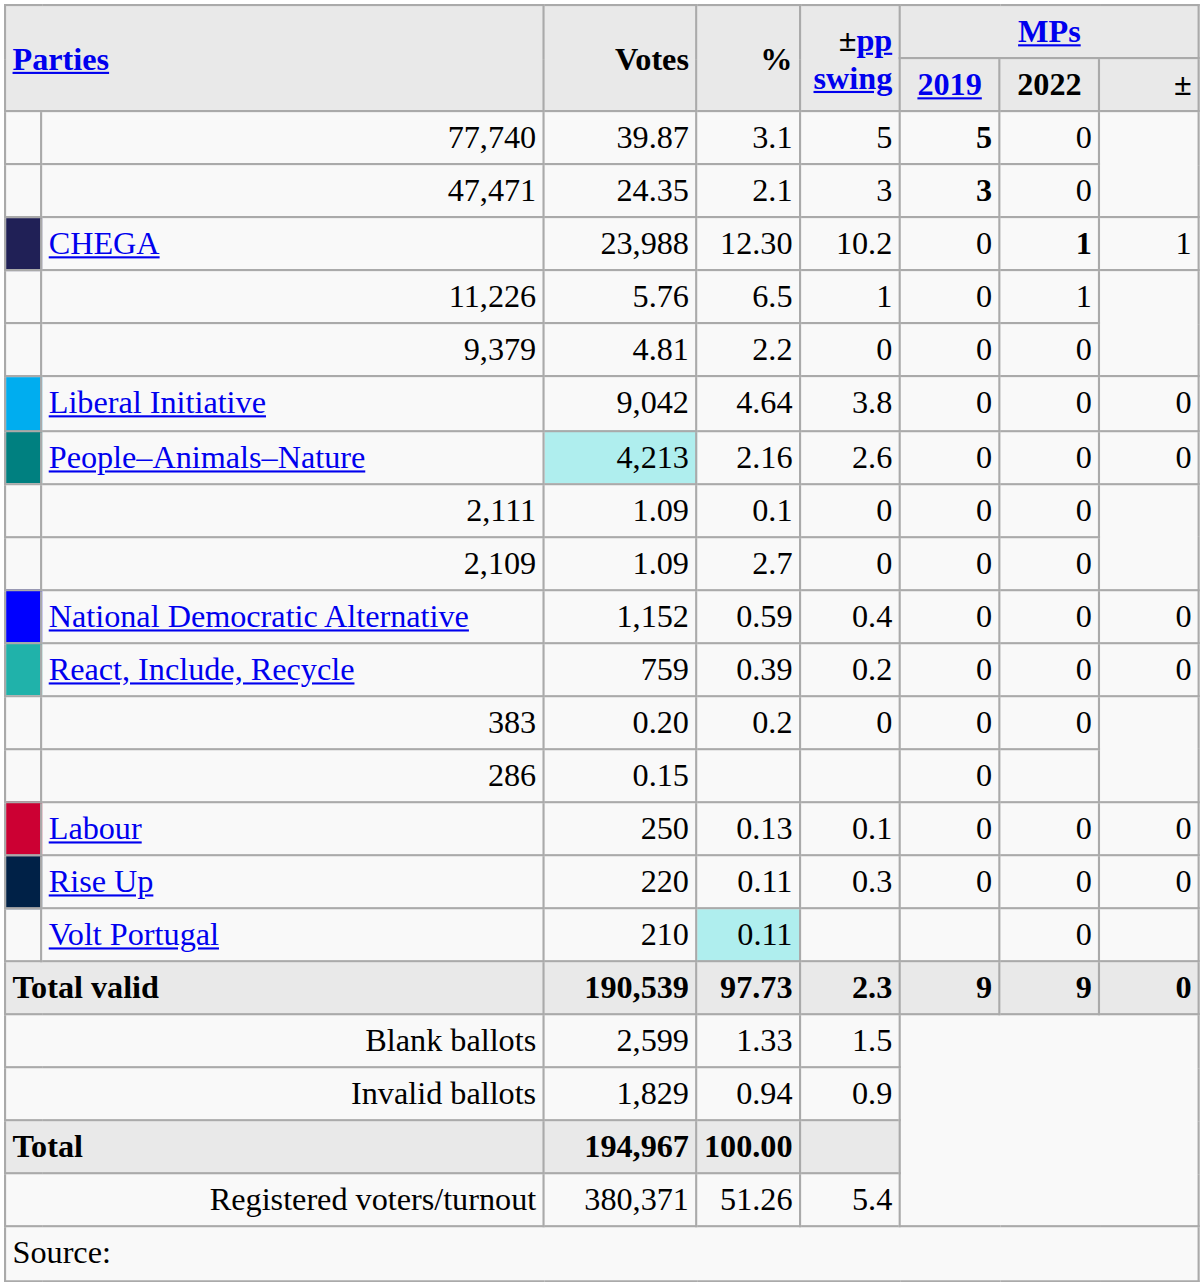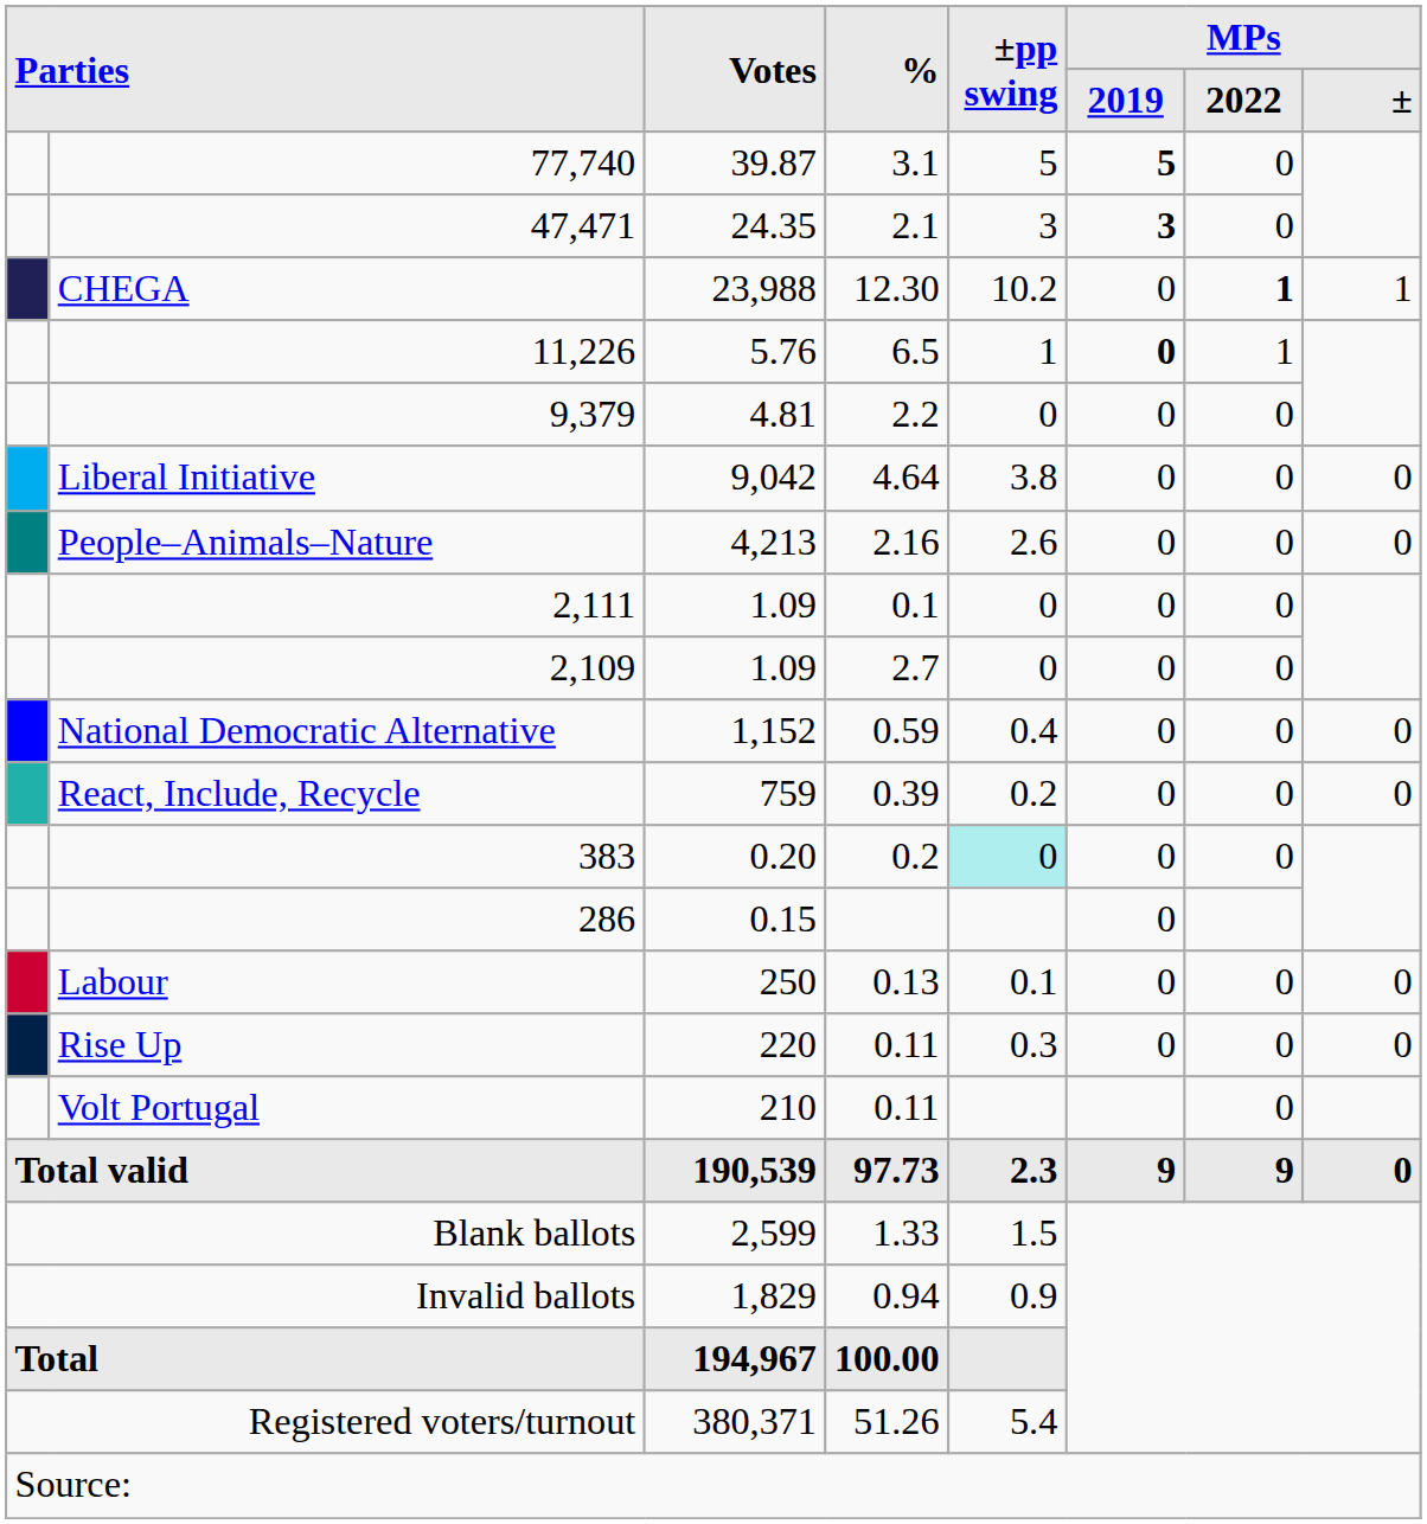 <table class="wikitable" style="text-align:right; font-size:95%;">
 <tr>
 <th rowspan="2" colspan="2" style="background:#e9e9e9; text-align:left;" alignleft><a href='#'>Parties</a></th>
 <th rowspan="2" style="background:#e9e9e9; text-align:right;">Votes</th>
 <th rowspan="2" style="background:#e9e9e9; text-align:right;">%</th>
 <th rowspan="2" style="background:#e9e9e9; text-align:right;">±<a href='#'>pp</a> <a href='#'>swing</a></th>
 <th colspan="3" style="background:#e9e9e9; text-align:center;"><a href='#'>MPs</a></th>
 </tr>
 <tr style="background-color:#E9E9E9">
 <th style="background-color:#E9E9E9;text-align:center;"><a href='#'>2019</a></th>
 <th style="background-color:#E9E9E9;text-align:center;">2022</th>
 <th style="background:#e9e9e9; text-align:right;">±</th>
 </tr>
 <tr>
 <td></td>
 <td>77,740</td>
 <td>39.87</td>
 <td>3.1</td>
 <td>5</td>
 <td><strong>5</strong></td>
 <td>0</td>
 </tr>
 <tr>
 <td></td>
 <td>47,471</td>
 <td>24.35</td>
 <td>2.1</td>
 <td>3</td>
 <td><strong>3</strong></td>
 <td>0</td>
 </tr>
 <tr>
 <td style="width: 10px" bgcolor="#202056" align="center"></td>
 <td align="left"><a href='#'>CHEGA</a></td>
 <td>23,988</td>
 <td>12.30</td>
 <td>10.2</td>
 <td>0</td>
 <td><strong>1</strong></td>
 <td>1</td>
 </tr>
 <tr>
 <td></td>
 <td>11,226</td>
 <td>5.76</td>
 <td>6.5</td>
 <td>1</td>
-<td>0</td>
+<td><strong>0</strong></td>
 <td>1</td>
 </tr>
 <tr>
 <td></td>
 <td>9,379</td>
 <td>4.81</td>
 <td>2.2</td>
 <td>0</td>
 <td>0</td>
 <td>0</td>
 </tr>
 <tr>
 <td style="width: 10px" bgcolor="#00ADEF" align="center"></td>
 <td align="left"><a href='#'>Liberal Initiative</a></td>
 <td>9,042</td>
 <td>4.64</td>
 <td>3.8</td>
 <td>0</td>
 <td>0</td>
 <td>0</td>
 </tr>
 <tr>
 <td style="width: 10px" bgcolor="teal" align="center"></td>
 <td align="left"><a href='#'>People–Animals–Nature</a></td>
-<td style="background: paleturquoise;">4,213</td>
+<td>4,213</td>
 <td>2.16</td>
 <td>2.6</td>
 <td>0</td>
 <td>0</td>
 <td>0</td>
 </tr>
 <tr>
 <td></td>
 <td>2,111</td>
 <td>1.09</td>
 <td>0.1</td>
 <td>0</td>
 <td>0</td>
 <td>0</td>
 </tr>
 <tr>
 <td></td>
 <td>2,109</td>
 <td>1.09</td>
 <td>2.7</td>
 <td>0</td>
 <td>0</td>
 <td>0</td>
 </tr>
 <tr>
 <td style="width: 10px" bgcolor="blue" align="center"></td>
 <td align="left"><a href='#'>National Democratic Alternative</a></td>
 <td>1,152</td>
 <td>0.59</td>
 <td>0.4</td>
 <td>0</td>
 <td>0</td>
 <td>0</td>
 </tr>
 <tr>
 <td style="width: 10px" bgcolor="LightSeaGreen" align="center"></td>
 <td align="left"><a href='#'>React, Include, Recycle</a></td>
 <td>759</td>
 <td>0.39</td>
 <td>0.2</td>
 <td>0</td>
 <td>0</td>
 <td>0</td>
 </tr>
 <tr>
 <td></td>
 <td>383</td>
 <td>0.20</td>
 <td>0.2</td>
-<td>0</td>
+<td style="background: paleturquoise;">0</td>
 <td>0</td>
 <td>0</td>
 </tr>
 <tr>
 <td></td>
 <td>286</td>
 <td>0.15</td>
 <td></td>
 <td></td>
 <td>0</td>
 <td></td>
 </tr>
 <tr>
 <td style="width: 10px" bgcolor="#CC0033" align="center"></td>
 <td align="left"><a href='#'>Labour</a></td>
 <td>250</td>
 <td>0.13</td>
 <td>0.1</td>
 <td>0</td>
 <td>0</td>
 <td>0</td>
 </tr>
 <tr>
 <td style="width: 10px" bgcolor="#002147" align="center"></td>
 <td align="left"><a href='#'>Rise Up</a></td>
 <td>220</td>
 <td>0.11</td>
 <td>0.3</td>
 <td>0</td>
 <td>0</td>
 <td>0</td>
 </tr>
 <tr>
 <td style="width: 10px"></td>
 <td align="left"><a href='#'>Volt Portugal</a></td>
 <td>210</td>
-<td style="background: paleturquoise;">0.11</td>
+<td>0.11</td>
 <td></td>
 <td></td>
 <td>0</td>
 <td></td>
 </tr>
 <tr>
 <td colspan=2 width="247" align=left style="background-color:#E9E9E9"><strong>Total valid</strong></td>
 <td width="65" align="right" style="background-color:#E9E9E9"><strong>190,539</strong></td>
 <td width="40" align="right" style="background-color:#E9E9E9"><strong>97.73</strong></td>
 <td width="40" align="right" style="background-color:#E9E9E9"><strong>2.3</strong></td>
 <td width="40" align="right" style="background-color:#E9E9E9"><strong>9</strong></td>
 <td width="40" align="right" style="background-color:#E9E9E9"><strong>9</strong></td>
 <td width="40" align="right" style="background-color:#E9E9E9"><strong>0</strong></td>
 </tr>
 <tr>
 <td colspan=2>Blank ballots</td>
 <td>2,599</td>
 <td>1.33</td>
 <td>1.5</td>
 <td colspan=4 rowspan=4></td>
 </tr>
 <tr>
 <td colspan=2>Invalid ballots</td>
 <td>1,829</td>
 <td>0.94</td>
 <td>0.9</td>
 </tr>
 <tr>
 <td colspan=2 align=left style="background-color:#E9E9E9"><strong>Total</strong></td>
 <td width="50" align="right" style="background-color:#E9E9E9"><strong>194,967</strong></td>
 <td width="40" align="right" style="background-color:#E9E9E9"><strong>100.00</strong></td>
 <td width="40" align="right" style="background-color:#E9E9E9"></td>
 </tr>
 <tr>
 <td colspan=2>Registered voters/turnout</td>
 <td>380,371</td>
 <td>51.26</td>
 <td>5.4</td>
 </tr>
 <tr>
 <td colspan=11 align=left>Source: </td>
 </tr>
 </table>
